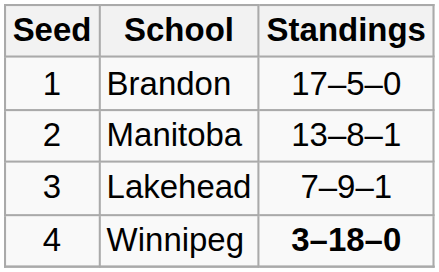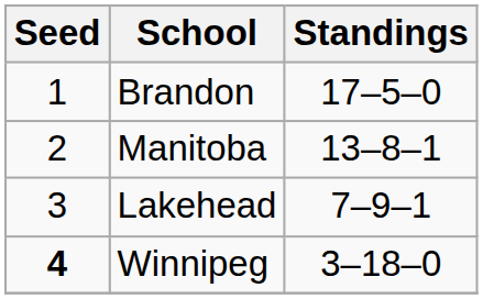 <table class="wikitable">
 <tr>
 <th>Seed</th>
 <th>School</th>
 <th>Standings</th>
 </tr>
 <tr>
 <td style="text-align:center">1</td>
 <td>Brandon</td>
 <td style="text-align:center">17–5–0</td>
 </tr>
 <tr>
 <td style="text-align:center">2</td>
 <td>Manitoba</td>
 <td style="text-align:center">13–8–1</td>
 </tr>
 <tr>
 <td style="text-align:center">3</td>
 <td>Lakehead</td>
 <td style="text-align:center">7–9–1</td>
 </tr>
 <tr>
-<td style="text-align:center">4</td>
+<td style="text-align:center"><strong>4</strong></td>
 <td>Winnipeg</td>
-<td style="text-align:center"><strong>3–18–0</strong></td>
+<td style="text-align:center">3–18–0</td>
 </tr>
 <tr>
 </tr>
 </table>
